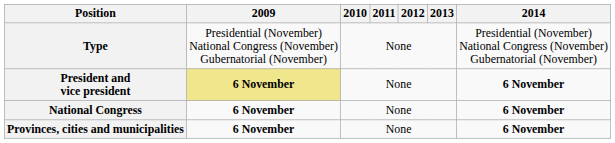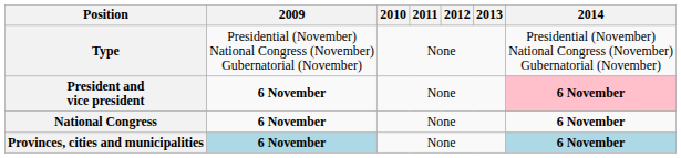 <table class=wikitable style="text-align:center;">
 <tr>
 <th>Position</th>
 <th>2009</th>
 <th>2010</th>
 <th>2011</th>
 <th>2012</th>
 <th>2013</th>
 <th>2014</th>
 </tr>
 <tr>
 <th>Type</th>
 <td>Presidential (November)<br>National Congress (November)<br>Gubernatorial (November)</td>
 <td colspan=4>None</td>
 <td>Presidential (November)<br>National Congress (November)<br>Gubernatorial (November)</td>
 </tr>
 <tr>
 <th>President and<br>vice president</th>
-<td style="background: khaki;"><strong>6 November</strong></td>
+<td><strong>6 November</strong></td>
 <td colspan=4>None</td>
-<td><strong>6 November</strong></td>
+<td style="background: pink;"><strong>6 November</strong></td>
 </tr>
 <tr>
 <th>National Congress</th>
 <td><strong>6 November</strong></td>
 <td colspan=4>None</td>
 <td><strong>6 November</strong></td>
 </tr>
 <tr>
 <th>Provinces, cities and municipalities</th>
-<td><strong>6 November</strong></td>
+<td style="background: lightblue;"><strong>6 November</strong></td>
 <td colspan=4>None</td>
-<td><strong>6 November</strong></td>
+<td style="background: lightblue;"><strong>6 November</strong></td>
 </tr>
 </table>
